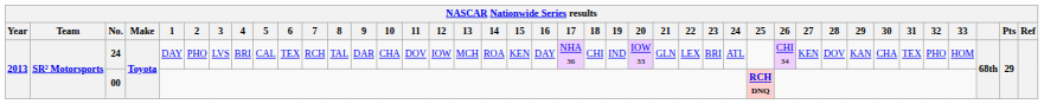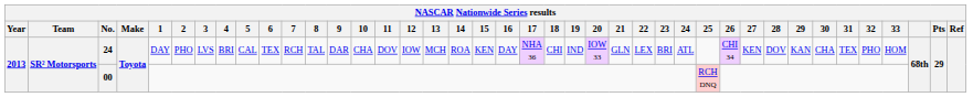 <table class="wikitable" style="text-align:center; font-size:75%">
 <tr>
 <th colspan=45><a href='#'>NASCAR</a> <a href='#'>Nationwide Series</a> results</th>
 </tr>
 <tr>
 <th>Year</th>
 <th>Team</th>
 <th>No.</th>
 <th>Make</th>
 <th>1</th>
 <th>2</th>
 <th>3</th>
 <th>4</th>
 <th>5</th>
 <th>6</th>
 <th>7</th>
 <th>8</th>
 <th>9</th>
 <th>10</th>
 <th>11</th>
 <th>12</th>
 <th>13</th>
 <th>14</th>
 <th>15</th>
 <th>16</th>
 <th>17</th>
 <th>18</th>
 <th>19</th>
 <th>20</th>
 <th>21</th>
 <th>22</th>
 <th>23</th>
 <th>24</th>
 <th>25</th>
 <th>26</th>
 <th>27</th>
 <th>28</th>
 <th>29</th>
 <th>30</th>
 <th>31</th>
 <th>32</th>
 <th>33</th>
 <th></th>
 <th>Pts</th>
 <th>Ref</th>
 </tr>
 <tr>
 <th rowspan=2><a href='#'>2013</a></th>
 <th rowspan=2><a href='#'>SR² Motorsports</a></th>
 <th>24</th>
 <th rowspan=2><a href='#'>Toyota</a></th>
 <td><a href='#'>DAY</a></td>
 <td><a href='#'>PHO</a></td>
 <td><a href='#'>LVS</a></td>
 <td><a href='#'>BRI</a></td>
 <td><a href='#'>CAL</a></td>
 <td><a href='#'>TEX</a></td>
 <td><a href='#'>RCH</a></td>
 <td><a href='#'>TAL</a></td>
 <td><a href='#'>DAR</a></td>
 <td><a href='#'>CHA</a></td>
 <td><a href='#'>DOV</a></td>
 <td><a href='#'>IOW</a></td>
 <td><a href='#'>MCH</a></td>
 <td><a href='#'>ROA</a></td>
 <td><a href='#'>KEN</a></td>
 <td><a href='#'>DAY</a></td>
 <td style="background:#EFCFFF;"><a href='#'>NHA</a><br><small>36</small></td>
 <td><a href='#'>CHI</a></td>
 <td><a href='#'>IND</a></td>
 <td style="background:#EFCFFF;"><a href='#'>IOW</a><br><small>33</small></td>
 <td><a href='#'>GLN</a></td>
 <td><a href='#'>LEX</a></td>
 <td><a href='#'>BRI</a></td>
 <td><a href='#'>ATL</a></td>
 <td></td>
 <td style="background:#EFCFFF;"><a href='#'>CHI</a><br><small>34</small></td>
 <td><a href='#'>KEN</a></td>
 <td><a href='#'>DOV</a></td>
 <td><a href='#'>KAN</a></td>
 <td><a href='#'>CHA</a></td>
 <td><a href='#'>TEX</a></td>
 <td><a href='#'>PHO</a></td>
 <td><a href='#'>HOM</a></td>
 <th rowspan=2>68th</th>
 <th rowspan=2>29</th>
 <th rowspan=2></th>
 </tr>
 <tr>
 <th>00</th>
 <td colspan=24></td>
-<td style="background:#FFCFCF;"><strong><a href='#'>RCH</a><br><small>DNQ</small></strong></td>
+<td style="background:#FFCFCF;"><a href='#'>RCH</a><br><small>DNQ</small></td>
 <td colspan=8></td>
 </tr>
 </table>
